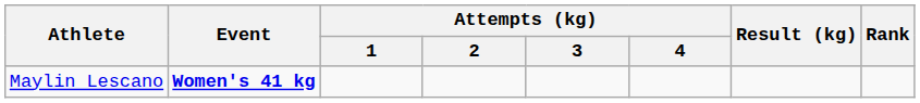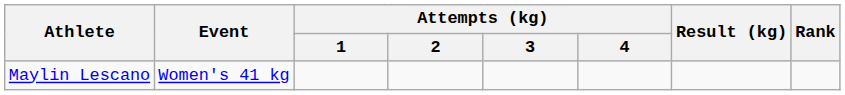 <table class=wikitable style="font-size:90%">
 <tr>
 <th rowspan=2>Athlete</th>
 <th rowspan=2>Event</th>
 <th colspan=4>Attempts (kg)</th>
 <th rowspan=2>Result (kg)</th>
 <th rowspan=2>Rank</th>
 </tr>
 <tr>
 <th width="60">1</th>
 <th width="60">2</th>
 <th width="60">3</th>
 <th width="60">4</th>
 </tr>
 <tr style="text-align:center">
 <td align=left><a href='#'>Maylin Lescano</a></td>
-<td align=left><strong><a href='#'>Women's 41 kg</a></strong></td>
+<td align=left><a href='#'>Women's 41 kg</a></td>
 <td></td>
 <td></td>
 <td></td>
 <td></td>
 <td></td>
 <td></td>
 </tr>
 </table>
